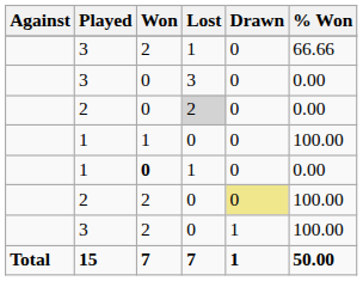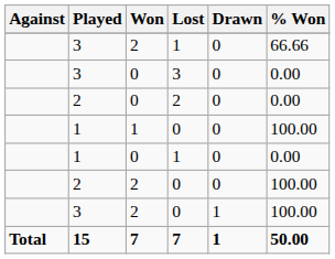 <table class="sortable wikitable" style="font-size: 87%;">
 <tr>
 <th>Against</th>
 <th>Played</th>
 <th>Won</th>
 <th>Lost</th>
 <th>Drawn</th>
 <th>% Won</th>
 </tr>
 <tr bgcolor="#d0ffd0" align="center">
 </tr>
 <tr>
 <td align="left"></td>
 <td>3</td>
 <td>2</td>
 <td>1</td>
 <td>0</td>
 <td>66.66</td>
 </tr>
 <tr>
 <td align="left"></td>
 <td>3</td>
 <td>0</td>
 <td>3</td>
 <td>0</td>
 <td>0.00</td>
 </tr>
 <tr>
 <td align="left"></td>
 <td>2</td>
 <td>0</td>
-<td style="background: lightgrey;">2</td>
+<td>2</td>
 <td>0</td>
 <td>0.00</td>
 </tr>
 <tr>
 <td align="left"></td>
 <td>1</td>
 <td>1</td>
 <td>0</td>
 <td>0</td>
 <td>100.00</td>
 </tr>
 <tr>
 <td align="left"></td>
 <td>1</td>
-<td><strong>0</strong></td>
+<td>0</td>
 <td>1</td>
 <td>0</td>
 <td>0.00</td>
 </tr>
 <tr>
 <td align="left"></td>
 <td>2</td>
 <td>2</td>
 <td>0</td>
-<td style="background: khaki;">0</td>
+<td>0</td>
 <td>100.00</td>
 </tr>
 <tr>
 <td align="left"></td>
 <td>3</td>
 <td>2</td>
 <td>0</td>
 <td>1</td>
 <td>100.00</td>
 </tr>
 <tr>
 <td align="left"><strong>Total</strong></td>
 <td><strong>15</strong></td>
 <td><strong>7</strong></td>
 <td><strong>7</strong></td>
 <td><strong>1</strong></td>
 <td><strong>50.00</strong></td>
 </tr>
 </table>
